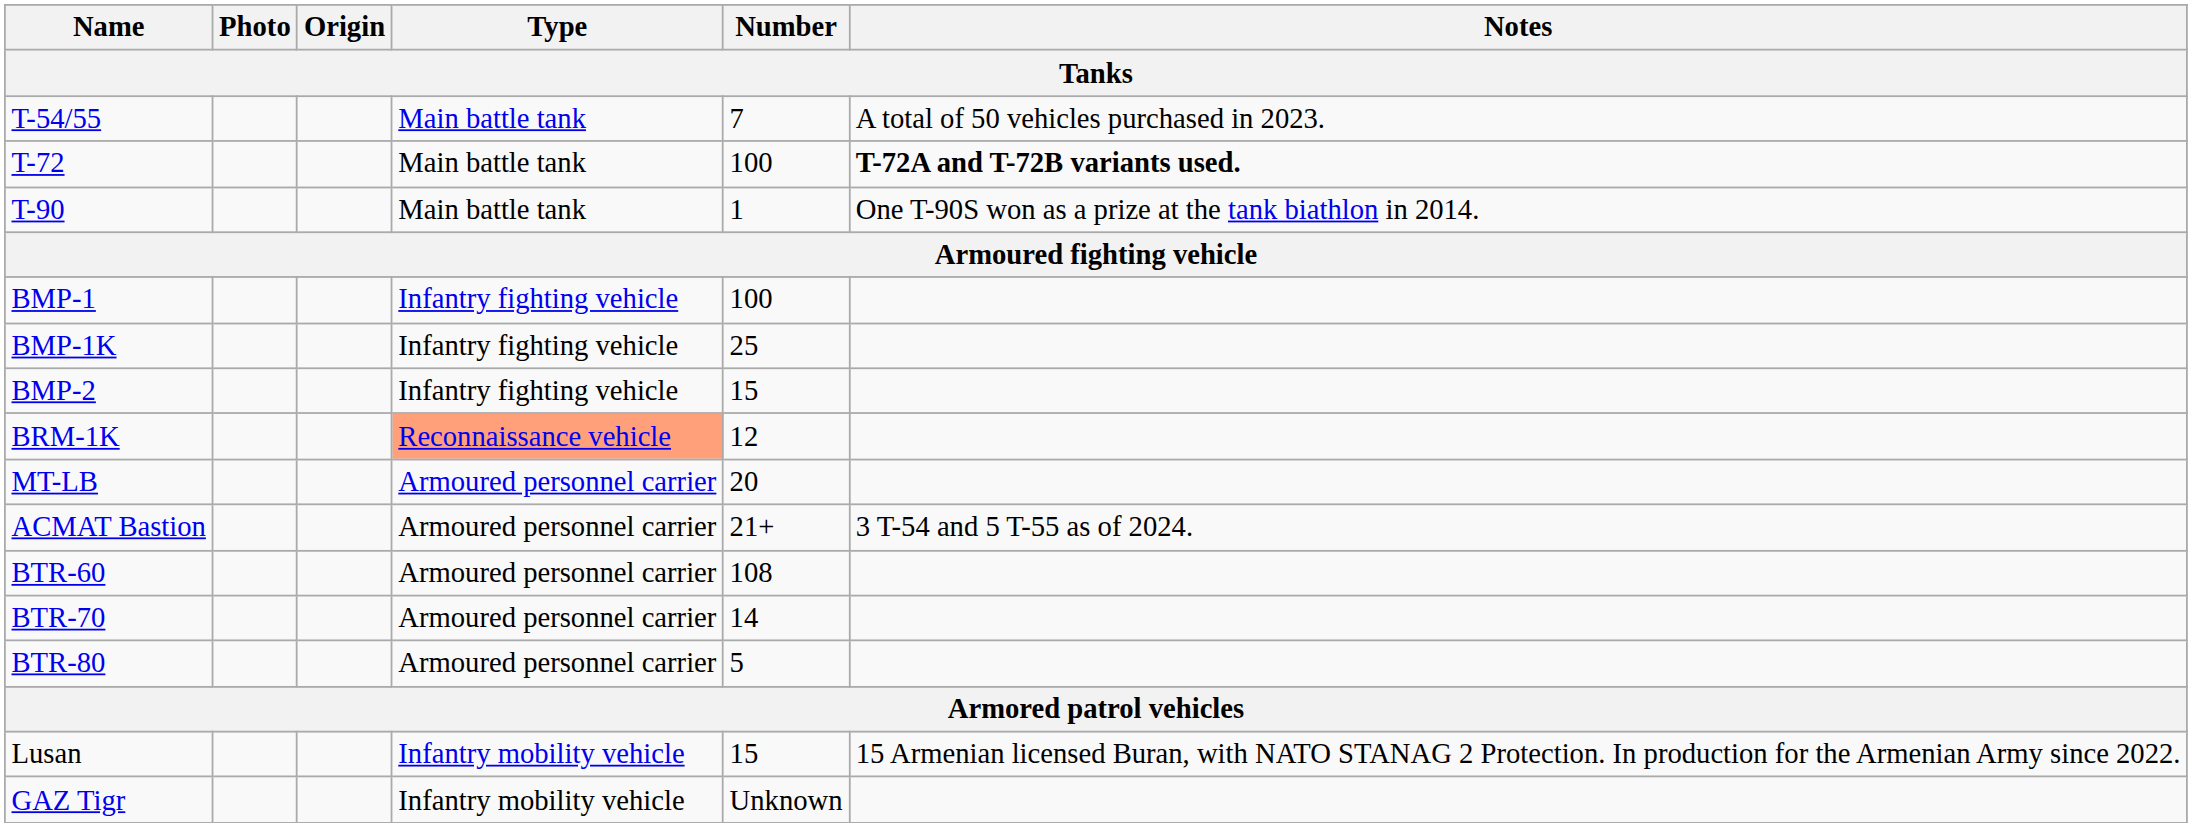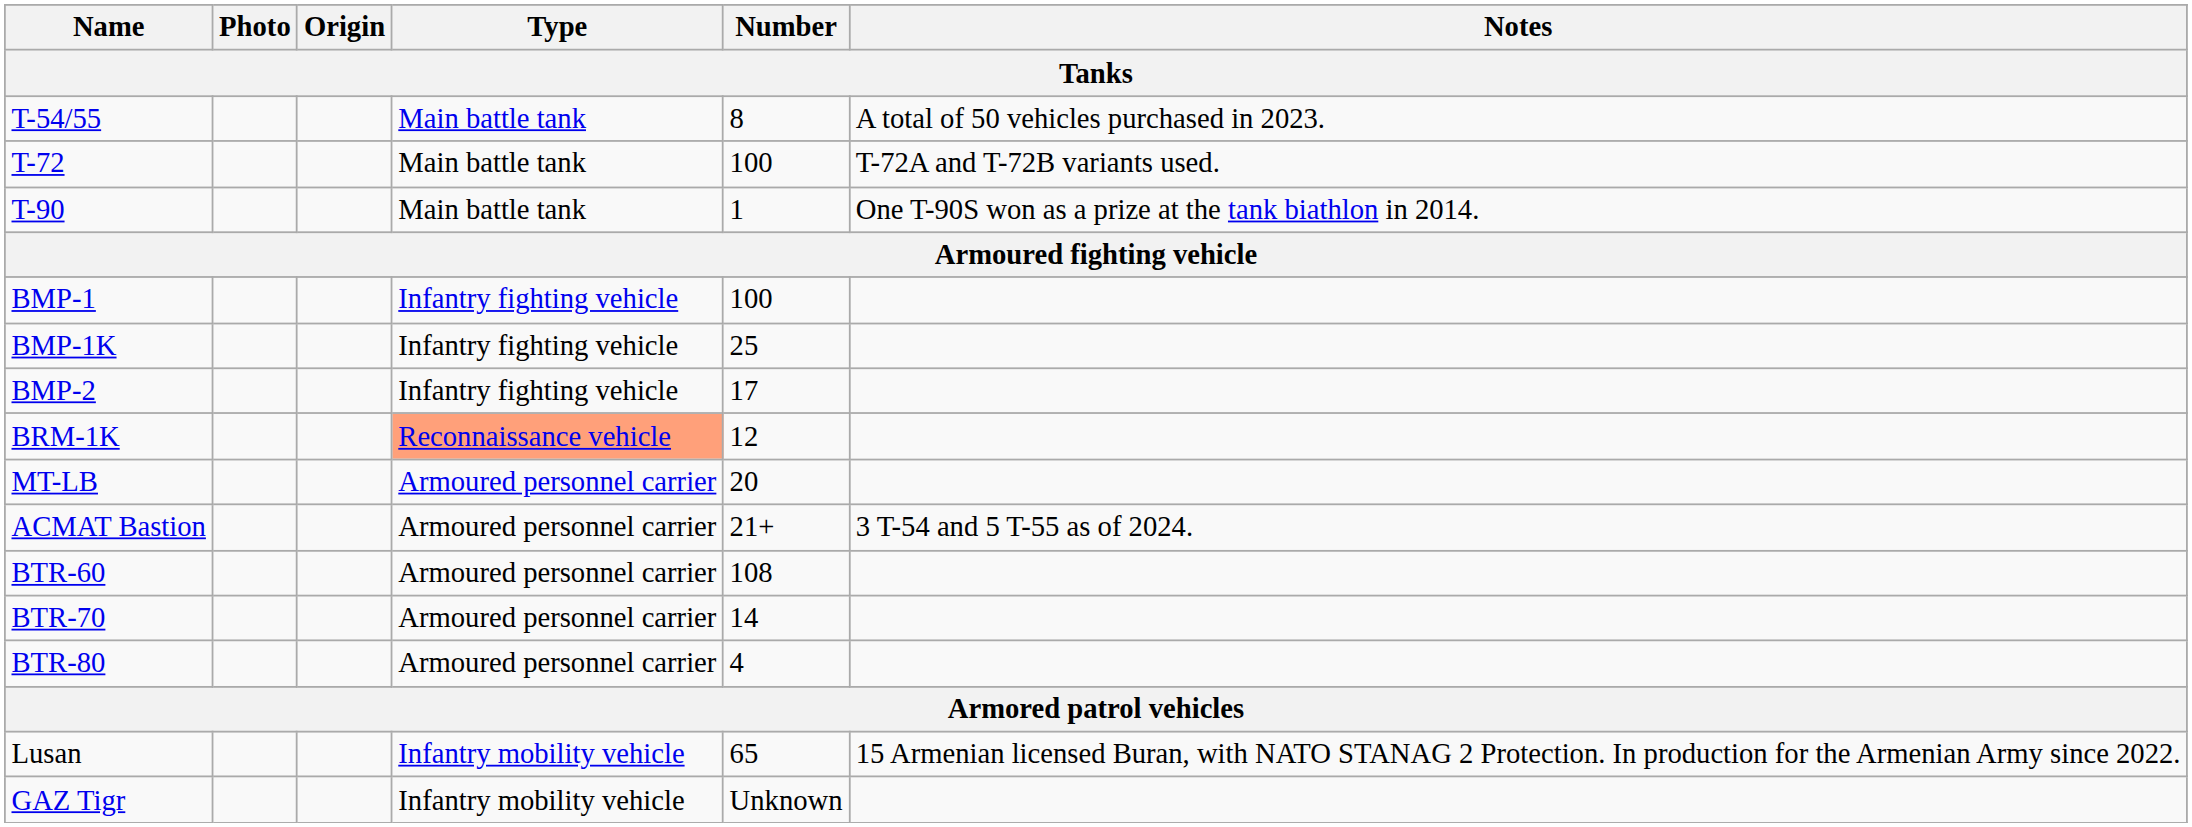 <table class="wikitable">
 <tr>
 <th style="text-align: width:12%;">Name</th>
 <th style="text-align: width:8%; ">Photo</th>
 <th style="text-align: width:12%;">Origin</th>
 <th style="text-align: width:18%;">Type</th>
 <th style="text-align: width:7%;">Number</th>
 <th style="text-align: width:35%;">Notes</th>
 </tr>
 <tr>
 <th colspan="6">Tanks</th>
 </tr>
 <tr>
 <td><a href='#'>T-54/55</a></td>
 <td></td>
 <td></td>
 <td><a href='#'>Main battle tank</a></td>
-<td>7</td>
+<td>8</td>
 <td>A total of 50 vehicles purchased in 2023.</td>
 </tr>
 <tr>
 <td><a href='#'>T-72</a></td>
 <td></td>
 <td><br></td>
 <td>Main battle tank</td>
 <td>100</td>
-<td><strong>T-72A and T-72B variants used.</strong></td>
+<td>T-72A and T-72B variants used.</td>
 </tr>
 <tr>
 <td><a href='#'>T-90</a></td>
 <td></td>
 <td></td>
 <td>Main battle tank</td>
 <td>1</td>
 <td>One T-90S won as a prize at the <a href='#'>tank biathlon</a> in 2014.</td>
 </tr>
 <tr>
 <th colspan="6" style="align: center;">Armoured fighting vehicle</th>
 </tr>
 <tr>
 <td><a href='#'>BMP-1</a></td>
 <td></td>
 <td></td>
 <td><a href='#'>Infantry fighting vehicle</a></td>
 <td>100</td>
 <td></td>
 </tr>
 <tr>
 <td><a href='#'>BMP-1K</a></td>
 <td></td>
 <td></td>
 <td>Infantry fighting vehicle</td>
 <td>25</td>
 <td></td>
 </tr>
 <tr>
 <td><a href='#'>BMP-2</a></td>
 <td></td>
 <td></td>
 <td>Infantry fighting vehicle</td>
-<td>15</td>
+<td>17</td>
 <td></td>
 </tr>
 <tr>
 <td><a href='#'>BRM-1K</a></td>
 <td></td>
 <td></td>
 <td style="background: lightsalmon;"><a href='#'>Reconnaissance vehicle</a></td>
 <td>12</td>
 <td></td>
 </tr>
 <tr>
 <td><a href='#'>MT-LB</a></td>
 <td></td>
 <td></td>
 <td><a href='#'>Armoured personnel carrier</a></td>
 <td>20</td>
 <td></td>
 </tr>
 <tr>
 <td><a href='#'>ACMAT Bastion</a></td>
 <td></td>
 <td></td>
 <td>Armoured personnel carrier</td>
 <td>21+</td>
 <td>3 T-54 and 5 T-55 as of 2024.</td>
 </tr>
 <tr>
 <td><a href='#'>BTR-60</a></td>
 <td></td>
 <td></td>
 <td>Armoured personnel carrier</td>
 <td>108</td>
 <td></td>
 </tr>
 <tr>
 <td><a href='#'>BTR-70</a></td>
 <td></td>
 <td></td>
 <td>Armoured personnel carrier</td>
 <td>14</td>
 <td></td>
 </tr>
 <tr>
 <td><a href='#'>BTR-80</a></td>
 <td></td>
 <td></td>
 <td>Armoured personnel carrier</td>
-<td>5</td>
+<td>4</td>
 <td></td>
 </tr>
 <tr>
 <th colspan="6">Armored patrol vehicles</th>
 </tr>
 <tr>
 <td>Lusan</td>
 <td></td>
 <td></td>
 <td><a href='#'>Infantry mobility vehicle</a></td>
-<td>15</td>
+<td>65</td>
 <td>15 Armenian licensed Buran, with NATO STANAG 2 Protection. In production for the Armenian Army since 2022.</td>
 </tr>
 <tr>
 <td><a href='#'>GAZ Tigr</a></td>
 <td></td>
 <td></td>
 <td>Infantry mobility vehicle</td>
 <td>Unknown</td>
 </tr>
 </table>
